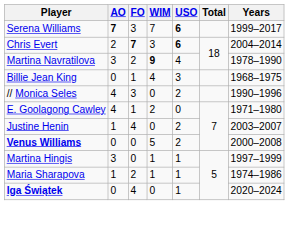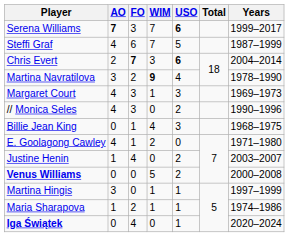 <table class="wikitable mw-datatable sortable" style="display:inline-table;">
 <tr>
 <th scope="col">Player</th>
 <th scope="col"><a href='#'>AO</a></th>
 <th scope="col"><a href='#'>FO</a></th>
 <th scope="col"><a href='#'>WIM</a></th>
 <th scope="col"><a href='#'>USO</a></th>
 <th scope="col">Total</th>
 <th scope="col">Years</th>
 </tr>
 <tr>
 <td> <a href='#'>Serena Williams</a></td>
 <td><strong>7</strong></td>
 <td>3</td>
 <td>7</td>
 <td><strong>6</strong></td>
 <td></td>
 <td>1999–2017</td>
 </tr>
 <tr>
+<td> <a href='#'>Steffi Graf</a></td>
+<td>4</td>
+<td>6</td>
+<td>7</td>
+<td>5</td>
+<td></td>
+<td>1987–1999</td>
+</tr>
+<tr>
 <td> <a href='#'>Chris Evert</a></td>
 <td>2</td>
 <td><strong>7</strong></td>
 <td>3</td>
 <td><strong>6</strong></td>
 <td rowspan=2 style="text-align:center;">18</td>
 <td>2004–2014</td>
 </tr>
 <tr>
 <td> <a href='#'>Martina Navratilova</a></td>
 <td>3</td>
 <td>2</td>
 <td><strong>9</strong></td>
 <td>4</td>
 <td>1978–1990</td>
 </tr>
 <tr>
-<td> <a href='#'>Billie Jean King</a></td>
-<td>0</td>
-<td>1</td>
+<td> <a href='#'>Margaret Court</a></td>
 <td>4</td>
 <td>3</td>
+<td>1</td>
+<td>3</td>
 <td></td>
-<td>1968–1975</td>
+<td>1969–1973 </td>
 </tr>
 <tr>
 <td>// <a href='#'>Monica Seles</a></td>
 <td>4</td>
 <td>3</td>
 <td>0</td>
 <td>2</td>
 <td></td>
 <td>1990–1996</td>
+</tr>
+<tr>
+<td> <a href='#'>Billie Jean King</a></td>
+<td>0</td>
+<td>1</td>
+<td>4</td>
+<td>3</td>
+<td></td>
+<td>1968–1975</td>
 </tr>
 <tr>
 <td> <a href='#'>E. Goolagong Cawley</a></td>
 <td>4</td>
 <td>1</td>
 <td>2</td>
 <td>0</td>
 <td rowspan=3 style="text-align:center;">7</td>
 <td>1971–1980</td>
 </tr>
 <tr>
 <td> <a href='#'>Justine Henin</a></td>
 <td>1</td>
 <td>4</td>
 <td>0</td>
 <td>2</td>
 <td>2003–2007</td>
 </tr>
 <tr>
 <td> <strong><a href='#'>Venus Williams</a></strong></td>
 <td>0</td>
 <td>0</td>
 <td>5</td>
 <td>2</td>
 <td>2000–2008</td>
 </tr>
 <tr>
 <td> <a href='#'>Martina Hingis</a></td>
 <td>3</td>
 <td>0</td>
 <td>1</td>
 <td>1</td>
 <td rowspan=3 style="text-align:center;">5</td>
 <td>1997–1999</td>
 </tr>
 <tr>
 <td> <a href='#'>Maria Sharapova</a></td>
 <td>1</td>
 <td>2</td>
 <td>1</td>
 <td>1</td>
 <td>1974–1986</td>
 </tr>
 <tr>
 <td> <strong><a href='#'>Iga Świątek</a></strong></td>
 <td>0</td>
 <td>4</td>
 <td>0</td>
 <td>1</td>
 <td>2020–2024</td>
 </tr>
 </table>
